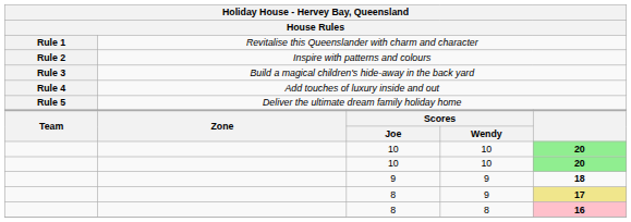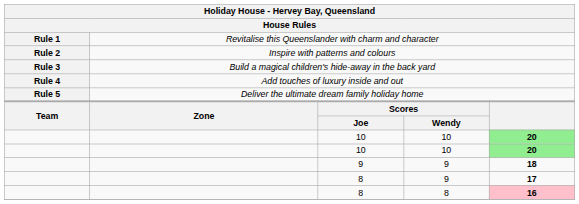 <table class="wikitable plainrowheaders" style="text-align:center; font-size:90%; width:65em;">
 <tr>
 <th colspan="5" >Holiday House - Hervey Bay, Queensland</th>
 </tr>
 <tr>
 <th colspan="5">House Rules</th>
 </tr>
 <tr>
 <th>Rule 1</th>
 <td colspan="5"><em>Revitalise this Queenslander with charm and character</em></td>
 </tr>
 <tr>
 <th>Rule 2</th>
 <td colspan="5"><em>Inspire with patterns and colours</em></td>
 </tr>
 <tr>
 <th>Rule 3</th>
 <td colspan="5"><em>Build a magical children's hide-away in the back yard</em></td>
 </tr>
 <tr>
 <th>Rule 4</th>
 <td colspan="5"><em>Add touches of luxury inside and out</em></td>
 </tr>
 <tr>
 <th>Rule 5</th>
 <td colspan="5"><em>Deliver the ultimate dream family holiday home</em></td>
 </tr>
 <tr>
 </tr>
 <tr style="border-top:3px solid #aaa;">
 <th rowspan="2">Team</th>
 <th rowspan="2" style="width:40%;">Zone</th>
 <th colspan="2" style="width:30%;">Scores</th>
 <th rowspan="2" style="width:20%;"></th>
 </tr>
 <tr>
 <th style="width:15%;">Joe</th>
 <th style="width:15%;">Wendy</th>
 </tr>
 <tr>
 <td style="width:15%;"></td>
 <td></td>
 <td>10</td>
 <td>10</td>
 <td bgcolor="lightgreen"><strong>20</strong></td>
 </tr>
 <tr>
 <td style="width:15%;"></td>
 <td></td>
 <td>10</td>
 <td>10</td>
 <td bgcolor="lightgreen"><strong>20</strong></td>
 </tr>
 <tr>
 <td style="width:15%;"></td>
 <td></td>
 <td>9</td>
 <td>9</td>
 <td><strong>18</strong></td>
 </tr>
 <tr>
 <td style="width:15%;"></td>
 <td></td>
 <td>8</td>
 <td>9</td>
-<td style="background: khaki;"><strong>17</strong></td>
+<td><strong>17</strong></td>
 </tr>
 <tr>
 <td style="width:15%;"></td>
 <td></td>
 <td>8</td>
 <td>8</td>
 <td bgcolor="pink"><strong>16</strong></td>
 </tr>
 <tr>
 </tr>
 </table>
